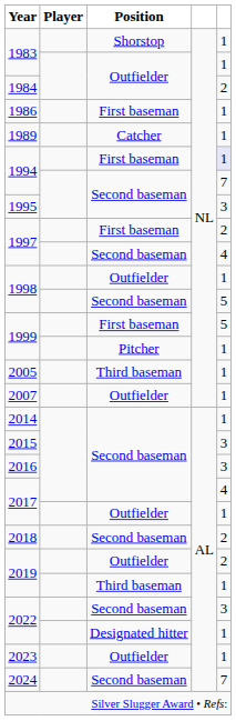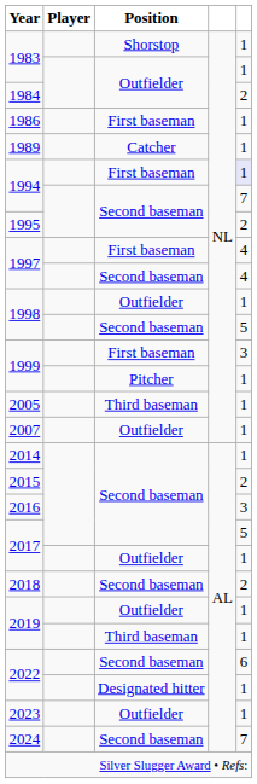 <table class="wikitable sortable plainrowheaders" style="text-align:center; font-size:95%">
 <tr>
 <th scope="col" style="background-color:#ffffff; border-top:#">Year</th>
 <th scope="col" style="background-color:#ffffff; border-top:#">Player</th>
 <th scope="col" style="background-color:#ffffff; border-top:#">Position</th>
 <th scope="col" style="background-color:#ffffff; border-top:#"></th>
 <th scope="col" style="background-color:#ffffff; border-top:#"></th>
 </tr>
 <tr>
 <td rowspan="2" style="text-align:center"><a href='#'>1983</a></td>
 <td></td>
 <td><a href='#'>Shorstop</a></td>
 <td rowspan="16">NL</td>
 <td>1</td>
 </tr>
 <tr>
 <td rowspan="2"></td>
 <td rowspan="2"><a href='#'>Outfielder</a></td>
 <td>1</td>
 </tr>
 <tr>
 <td style="text-align:center"><a href='#'>1984</a></td>
 <td>2</td>
 </tr>
 <tr>
 <td style="text-align:center"><a href='#'>1986</a></td>
 <td></td>
 <td><a href='#'>First baseman</a></td>
 <td>1</td>
 </tr>
 <tr>
 <td style="text-align:center"><a href='#'>1989</a></td>
 <td></td>
 <td><a href='#'>Catcher</a></td>
 <td>1</td>
 </tr>
 <tr>
 <td style="text-align:center" rowspan="2"><a href='#'>1994</a></td>
 <td></td>
 <td><a href='#'>First baseman</a></td>
 <td style="background: lavender;">1</td>
 </tr>
 <tr>
 <td rowspan="2"></td>
 <td rowspan="2"><a href='#'>Second baseman</a></td>
 <td>7</td>
 </tr>
 <tr>
 <td style="text-align:center"><a href='#'>1995</a></td>
-<td>3</td>
+<td>2</td>
 </tr>
 <tr>
 <td style="text-align:center" rowspan="2"><a href='#'>1997</a></td>
 <td></td>
 <td><a href='#'>First baseman</a></td>
-<td>2</td>
+<td>4</td>
 </tr>
 <tr>
 <td></td>
 <td><a href='#'>Second baseman</a></td>
 <td>4</td>
 </tr>
 <tr>
 <td style="text-align:center" rowspan="2"><a href='#'>1998</a></td>
 <td></td>
 <td><a href='#'>Outfielder</a></td>
 <td>1</td>
 </tr>
 <tr>
 <td></td>
 <td><a href='#'>Second baseman</a></td>
 <td>5</td>
 </tr>
 <tr>
 <td style="text-align:center" rowspan="2"><a href='#'>1999</a></td>
 <td></td>
 <td><a href='#'>First baseman</a></td>
-<td>5</td>
+<td>3</td>
 </tr>
 <tr>
 <td></td>
 <td><a href='#'>Pitcher</a></td>
 <td>1</td>
 </tr>
 <tr>
 <td style="text-align:center"><a href='#'>2005</a></td>
 <td></td>
 <td><a href='#'>Third baseman</a></td>
 <td>1</td>
 </tr>
 <tr>
 <td style="text-align:center"><a href='#'>2007</a></td>
 <td></td>
 <td><a href='#'>Outfielder</a></td>
 <td>1</td>
 </tr>
 <tr>
 <td style="text-align:center"><a href='#'>2014</a></td>
 <td rowspan="4"></td>
 <td rowspan="4"><a href='#'>Second baseman</a></td>
 <td rowspan="12">AL</td>
 <td>1</td>
 </tr>
 <tr>
 <td style="text-align:center"><a href='#'>2015</a></td>
-<td>3</td>
+<td>2</td>
 </tr>
 <tr>
 <td style="text-align:center"><a href='#'>2016</a></td>
 <td>3</td>
 </tr>
 <tr>
 <td style="text-align:center" rowspan="2"><a href='#'>2017</a></td>
-<td>4</td>
+<td>5</td>
 </tr>
 <tr>
 <td></td>
 <td><a href='#'>Outfielder</a></td>
 <td>1</td>
 </tr>
 <tr>
 <td style="text-align:center"><a href='#'>2018</a></td>
 <td></td>
 <td><a href='#'>Second baseman</a></td>
 <td>2</td>
 </tr>
 <tr>
 <td style="text-align:center" rowspan="2"><a href='#'>2019</a></td>
 <td></td>
 <td><a href='#'>Outfielder</a></td>
-<td>2</td>
+<td>1</td>
 </tr>
 <tr>
 <td></td>
 <td><a href='#'>Third baseman</a></td>
 <td>1</td>
 </tr>
 <tr>
 <td style="text-align:center" rowspan="2"><a href='#'>2022</a></td>
 <td></td>
 <td><a href='#'>Second baseman</a></td>
-<td>3</td>
+<td>6</td>
 </tr>
 <tr>
 <td></td>
 <td><a href='#'>Designated hitter</a></td>
 <td>1</td>
 </tr>
 <tr>
 <td style="text-align:center"><a href='#'>2023</a></td>
 <td></td>
 <td><a href='#'>Outfielder</a></td>
 <td>1</td>
 </tr>
 <tr>
 <td style="text-align:center"><a href='#'>2024</a></td>
 <td></td>
 <td><a href='#'>Second baseman</a></td>
 <td>7</td>
 </tr>
 <tr class="sortbottom">
 <td style="text-align:right"; colspan="5"><small><a href='#'>Silver Slugger Award</a> • <em>Refs</em>:</small></td>
 </tr>
 </table>
